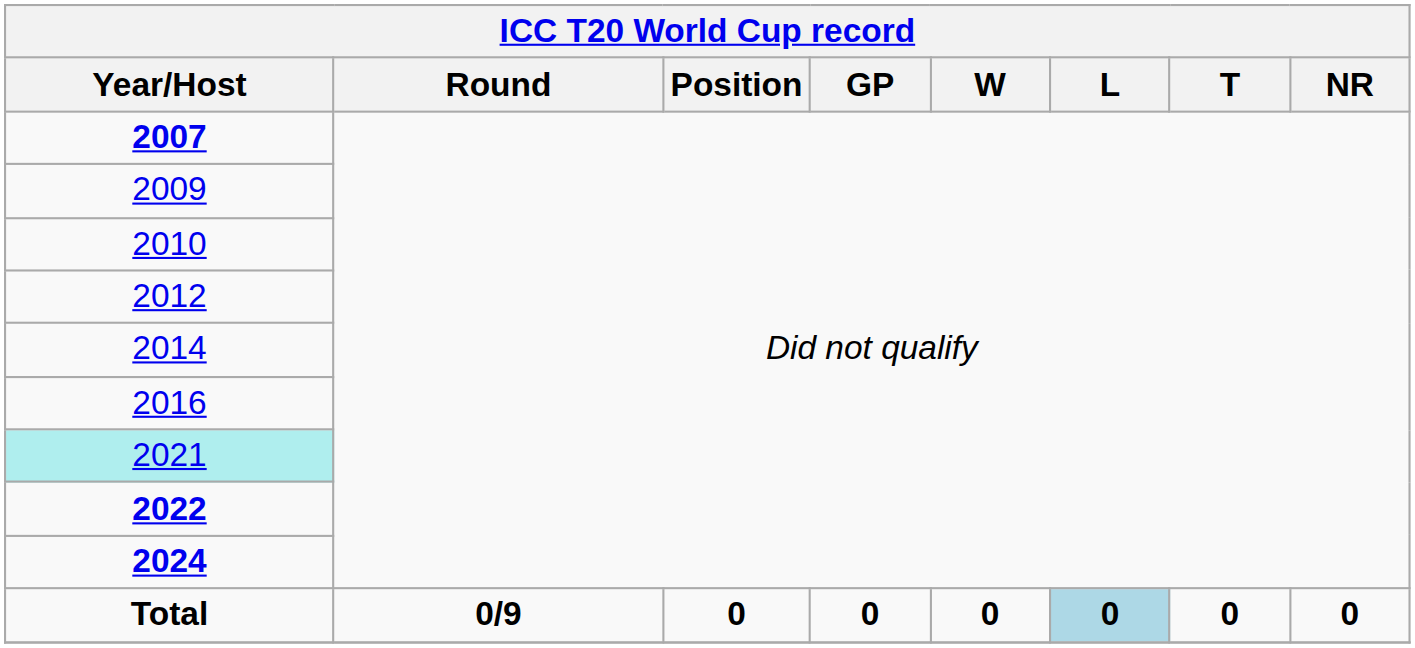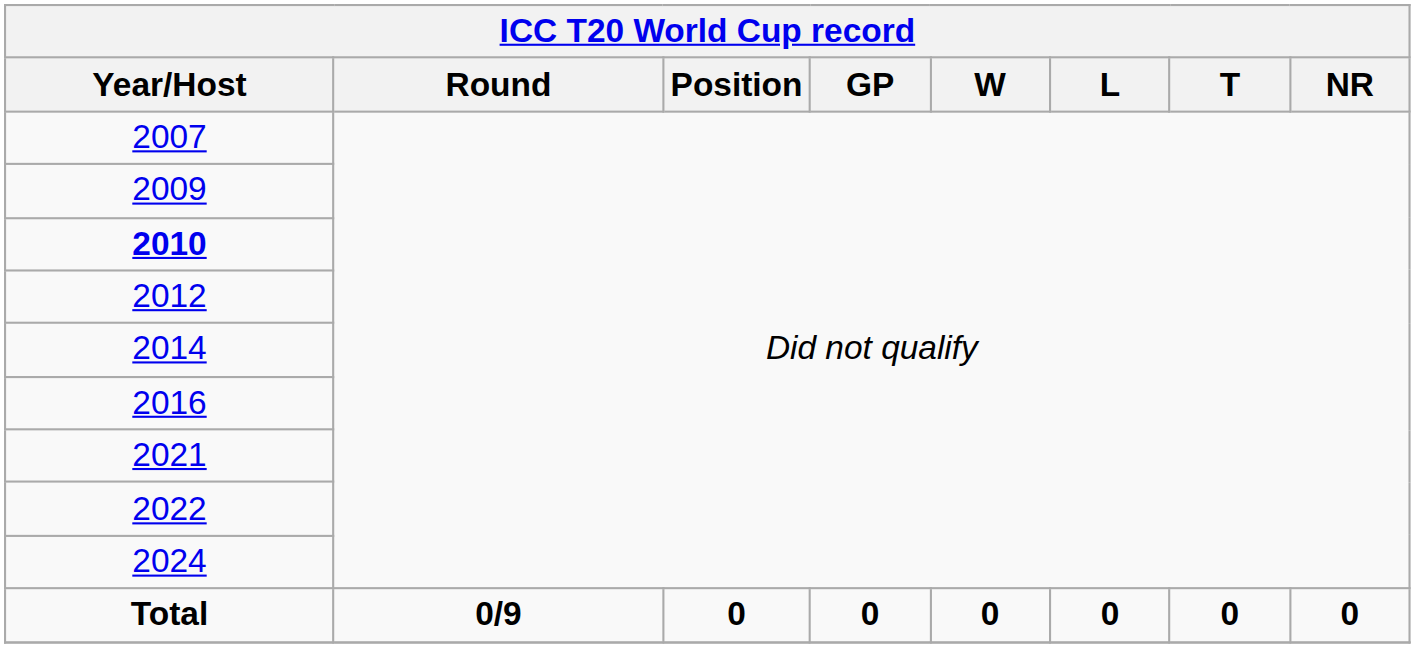 <table class="wikitable" style="text-align: center;">
 <tr>
 <th colspan=8><a href='#'>ICC T20 World Cup record</a></th>
 </tr>
 <tr>
 <th width=150>Year/Host</th>
 <th width=150>Round</th>
 <th width=50>Position</th>
 <th width=50>GP</th>
 <th width=50>W</th>
 <th width=50>L</th>
 <th width=50>T</th>
 <th width=50>NR</th>
 </tr>
 <tr>
-<td><strong> <a href='#'>2007</a></strong></td>
+<td> <a href='#'>2007</a></td>
 <td colspan="7" rowspan="9"><em>Did not qualify</em></td>
 </tr>
 <tr>
 <td> <a href='#'>2009</a></td>
 </tr>
 <tr>
-<td> <a href='#'>2010</a></td>
+<td><strong> <a href='#'>2010</a></strong></td>
 </tr>
 <tr>
 <td> <a href='#'>2012</a></td>
 </tr>
 <tr>
 <td> <a href='#'>2014</a></td>
 </tr>
 <tr>
 <td> <a href='#'>2016</a></td>
 </tr>
 <tr>
-<td style="background: paleturquoise;">  <a href='#'>2021</a></td>
+<td>  <a href='#'>2021</a></td>
 </tr>
 <tr>
-<td><strong> <a href='#'>2022</a></strong></td>
+<td> <a href='#'>2022</a></td>
 </tr>
 <tr>
-<td><strong> <a href='#'>2024</a></strong></td>
+<td> <a href='#'>2024</a></td>
 </tr>
 <tr>
 <td><strong>Total</strong></td>
 <td><strong>0/9</strong></td>
 <td><strong>0</strong></td>
 <td><strong>0</strong></td>
 <td><strong>0</strong></td>
-<td style="background: lightblue;"><strong>0</strong></td>
+<td><strong>0</strong></td>
 <td><strong>0</strong></td>
 <td><strong>0</strong></td>
 </tr>
 <tr>
 </tr>
 </table>
